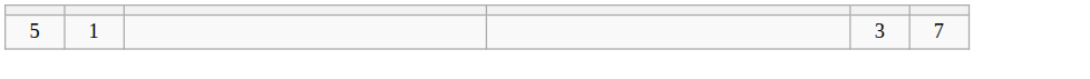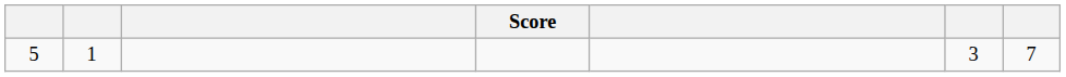 <table class="wikitable" style="text-align: center; font-size:90%" |>
 <tr>
 <th width="35"></th>
 <th width="35"></th>
 <th width="250"></th>
+<th width="75">Score</th>
 <th width="250"></th>
 <th width="35"></th>
 <th width="35"></th>
 </tr>
 <tr>
 <td>5</td>
 <td>1</td>
 <td style="text-align:left;"><strong></strong></td>
+<td></td>
 <td style="text-align:left;"></td>
 <td>3</td>
 <td>7</td>
 </tr>
 </table>
